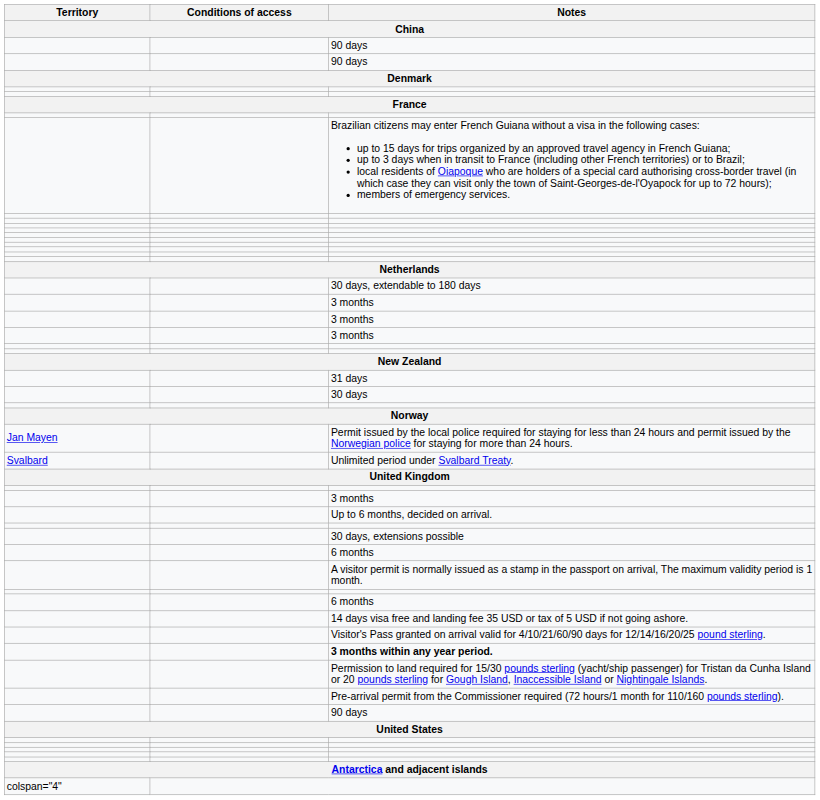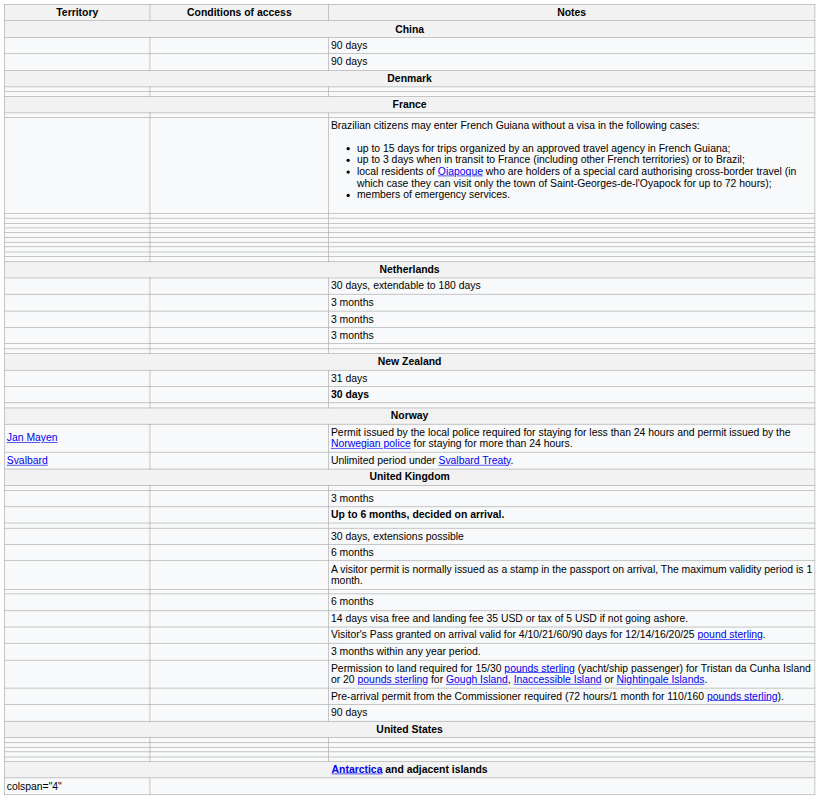 <table class="wikitable sortable sticky-header mw-datatable" style="text-align: left; table-layout: fixed;background:#f8f9faff; ">
 <tr>
 <th colspan="2" style="width:18%;">Territory</th>
 <th style="width:22%;">Conditions of access</th>
 <th>Notes</th>
 </tr>
 <tr>
 <th colspan="4">China</th>
 </tr>
 <tr>
 <td colspan=2></td>
 <td></td>
 <td>90 days</td>
 </tr>
 <tr>
 <td colspan=2></td>
 <td></td>
 <td>90 days</td>
 </tr>
 <tr>
 <th colspan="4">Denmark</th>
 </tr>
 <tr>
 <td colspan=2></td>
 <td></td>
 <td></td>
 </tr>
 <tr>
 <td colspan=2></td>
 <td></td>
 <td></td>
 </tr>
 <tr>
 <th colspan="4">France</th>
 </tr>
 <tr>
 <td colspan=2></td>
 <td></td>
 <td></td>
 </tr>
 <tr>
 <td colspan=2></td>
 <td></td>
 <td>Brazilian citizens may enter French Guiana without a visa in the following cases:<br><ul><li>up to 15 days for trips organized by an approved travel agency in French Guiana;</li><li>up to 3 days when in transit to France (including other French territories) or to Brazil;</li><li>local residents of <a href='#'>Oiapoque</a> who are holders of a special card authorising cross-border travel (in which case they can visit only the town of Saint-Georges-de-l'Oyapock for up to 72 hours);</li><li>members of emergency services.</li></ul></td>
 </tr>
 <tr>
 <td colspan=2></td>
 <td></td>
 <td></td>
 </tr>
 <tr>
 <td colspan=2></td>
 <td></td>
 <td></td>
 </tr>
 <tr>
 <td colspan=2></td>
 <td></td>
 <td></td>
 </tr>
 <tr>
 <td colspan=2></td>
 <td></td>
 <td></td>
 </tr>
 <tr>
 <td colspan=2></td>
 <td></td>
 <td></td>
 </tr>
 <tr>
 <td colspan=2></td>
 <td></td>
 <td></td>
 </tr>
 <tr>
 <td colspan=2></td>
 <td></td>
 <td></td>
 </tr>
 <tr>
 <td colspan=2></td>
 <td></td>
 <td></td>
 </tr>
 <tr>
 <td colspan=2></td>
 <td></td>
 <td></td>
 </tr>
 <tr>
 <td colspan=2></td>
 <td></td>
 <td></td>
 </tr>
 <tr>
 <th colspan="4">Netherlands</th>
 </tr>
 <tr>
 <td colspan=2></td>
 <td></td>
 <td>30 days, extendable to 180 days</td>
 </tr>
 <tr>
 <td colspan=2></td>
 <td></td>
 <td>3 months</td>
 </tr>
 <tr>
 <td colspan=2></td>
 <td></td>
 <td>3 months</td>
 </tr>
 <tr>
 <td colspan=2></td>
 <td></td>
 <td>3 months</td>
 </tr>
 <tr>
 <td colspan=2></td>
 <td></td>
 <td></td>
 </tr>
 <tr>
 <td colspan=2></td>
 <td></td>
 <td></td>
 </tr>
 <tr>
 <th colspan="4">New Zealand</th>
 </tr>
 <tr>
 <td colspan=2></td>
 <td></td>
 <td>31 days</td>
 </tr>
 <tr>
 <td colspan=2></td>
 <td></td>
-<td>30 days</td>
+<td><strong>30 days</strong></td>
 </tr>
 <tr>
 <td colspan=2></td>
 <td></td>
 <td></td>
 </tr>
 <tr>
 <th colspan="4">Norway</th>
 </tr>
 <tr>
 <td colspan=2> <a href='#'>Jan Mayen</a></td>
 <td></td>
 <td>Permit issued by the local police required for staying for less than 24 hours and permit issued by the <a href='#'>Norwegian police</a> for staying for more than 24 hours.</td>
 </tr>
 <tr>
 <td colspan=2> <a href='#'>Svalbard</a></td>
 <td></td>
 <td>Unlimited period under <a href='#'>Svalbard Treaty</a>.</td>
 </tr>
 <tr>
 <th colspan="4">United Kingdom</th>
 </tr>
 <tr>
 <td colspan=2></td>
 <td></td>
 <td></td>
 </tr>
 <tr>
 <td colspan=2></td>
 <td></td>
 <td>3 months</td>
 </tr>
 <tr>
 <td colspan=2></td>
 <td></td>
-<td>Up to 6 months, decided on arrival.</td>
+<td><strong>Up to 6 months, decided on arrival.</strong></td>
 </tr>
 <tr>
 <td colspan=2></td>
 <td></td>
 <td></td>
 </tr>
 <tr>
 <td colspan=2></td>
 <td></td>
 <td>30 days, extensions possible</td>
 </tr>
 <tr>
 <td colspan=2></td>
 <td></td>
 <td>6 months</td>
 </tr>
 <tr>
 <td colspan=2></td>
 <td></td>
 <td>A visitor permit is normally issued as a stamp in the passport on arrival, The maximum validity period is 1 month.</td>
 </tr>
 <tr>
 <td colspan=2></td>
 <td></td>
 <td></td>
 </tr>
 <tr>
 <td colspan=2></td>
 <td></td>
 <td>6 months</td>
 </tr>
 <tr>
 <td colspan=2></td>
 <td></td>
 <td>14 days visa free and landing fee 35 USD or tax of 5 USD if not going ashore.</td>
 </tr>
 <tr>
 <td colspan=2></td>
 <td></td>
 <td>Visitor's Pass granted on arrival valid for 4/10/21/60/90 days for 12/14/16/20/25 <a href='#'>pound sterling</a>.</td>
 </tr>
 <tr>
 <td colspan=2></td>
 <td></td>
-<td><strong>3 months within any year period.</strong></td>
+<td>3 months within any year period.</td>
 </tr>
 <tr>
 <td colspan=2></td>
 <td></td>
 <td>Permission to land required for 15/30 <a href='#'>pounds sterling</a> (yacht/ship passenger) for Tristan da Cunha Island or 20 <a href='#'>pounds sterling</a> for <a href='#'>Gough Island</a>, <a href='#'>Inaccessible Island</a> or <a href='#'>Nightingale Islands</a>.</td>
 </tr>
 <tr>
 <td colspan=2></td>
 <td></td>
 <td>Pre-arrival permit from the Commissioner required (72 hours/1 month for 110/160 <a href='#'>pounds sterling</a>).</td>
 </tr>
 <tr>
 <td colspan=2></td>
 <td></td>
 <td>90 days</td>
 </tr>
 <tr>
 <th colspan="4">United States</th>
 </tr>
 <tr>
 <td colspan=2></td>
 <td></td>
 <td></td>
 </tr>
 <tr>
 <td colspan=2></td>
 <td></td>
 <td></td>
 </tr>
 <tr>
 <td colspan=2></td>
 <td></td>
 <td></td>
 </tr>
 <tr>
 <td colspan=2></td>
 <td></td>
 <td></td>
 </tr>
 <tr>
 <td colspan=2></td>
 <td></td>
 <td></td>
 </tr>
 <tr>
 <th colspan="4"><a href='#'>Antarctica</a> and adjacent islands</th>
 </tr>
 <tr>
 <td>colspan="4" </td>
 </tr>
 </table>
